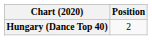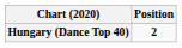 <table class="wikitable plainrowheaders" style="text-align:center">
 <tr>
 <th scope="col">Chart (2020)</th>
 <th scope="col">Position</th>
 </tr>
 <tr>
 <th scope="row">Hungary (Dance Top 40)</th>
-<td>2</td>
+<td><strong>2</strong></td>
 </tr>
 </table>
